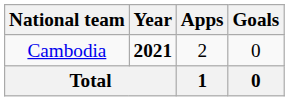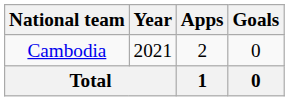 <table class="wikitable" style="text-align:center">
 <tr>
 <th>National team</th>
 <th>Year</th>
 <th>Apps</th>
 <th>Goals</th>
 </tr>
 <tr>
 <td rowspan="1"><a href='#'>Cambodia</a></td>
-<td><strong>2021</strong></td>
+<td>2021</td>
 <td>2</td>
 <td>0</td>
 </tr>
 <tr>
 <th colspan=2>Total</th>
 <th>1</th>
 <th>0</th>
 </tr>
 </table>
